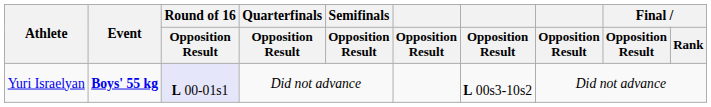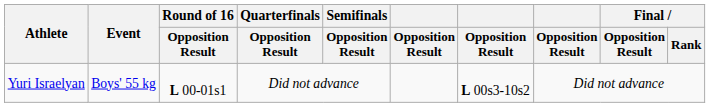 <table class="wikitable" style="font-size:90%">
 <tr>
 <th rowspan=2>Athlete</th>
 <th rowspan=2>Event</th>
 <th>Round of 16</th>
 <th>Quarterfinals</th>
 <th>Semifinals</th>
 <th></th>
 <th></th>
 <th></th>
 <th colspan=2>Final / </th>
 </tr>
 <tr style="font-size:95%">
 <th>Opposition<br>Result</th>
 <th>Opposition<br>Result</th>
 <th>Opposition<br>Result</th>
 <th>Opposition<br>Result</th>
 <th>Opposition<br>Result</th>
 <th>Opposition<br>Result</th>
 <th>Opposition<br>Result</th>
 <th>Rank</th>
 </tr>
 <tr align=center>
 <td align=left><a href='#'>Yuri Israelyan</a></td>
-<td align=left><strong><a href='#'>Boys' 55 kg</a></strong></td>
-<td style="background: lavender;"><br> <strong>L</strong> 00-01s1</td>
+<td align=left><a href='#'>Boys' 55 kg</a></td>
+<td><br> <strong>L</strong> 00-01s1</td>
 <td Colspan=2><em>Did not advance</em></td>
 <td></td>
 <td><br> <strong>L</strong> 00s3-10s2</td>
 <td Colspan=3><em>Did not advance</em></td>
 </tr>
 </table>
